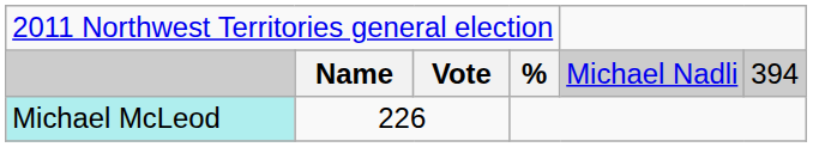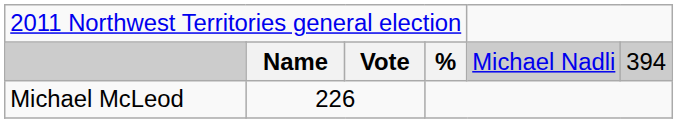 <table class="wikitable">
 <tr>
 <td colspan=4 align=center><a href='#'>2011 Northwest Territories general election</a></td>
 </tr>
 <tr bgcolor="CCCCCC">
 <td></td>
 <th>Name</th>
 <th>Vote</th>
 <th>%<br></th>
 <td><a href='#'>Michael Nadli</a></td>
 <td colspan="2" align=center>394</td>
 </tr>
 <tr>
-<td style="background: paleturquoise;">Michael McLeod</td>
+<td>Michael McLeod</td>
 <td colspan="2" align=center>226</td>
 </tr>
 </table>
